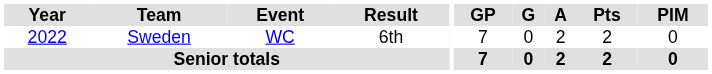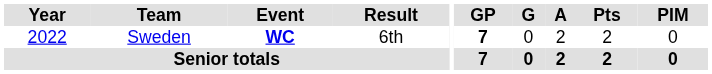 <table border="0" cellpadding="1" cellspacing="0" ID="Table3" style="text-align:center; width:40em;">
 <tr bgcolor="#e0e0e0">
 <th>Year</th>
 <th>Team</th>
 <th>Event</th>
 <th>Result</th>
 <th rowspan="99" bgcolor="#ffffff"></th>
 <th>GP</th>
 <th>G</th>
 <th>A</th>
 <th>Pts</th>
 <th>PIM</th>
 </tr>
 <tr>
 <td><a href='#'>2022</a></td>
 <td><a href='#'>Sweden</a></td>
-<td><a href='#'>WC</a></td>
+<td><strong><a href='#'>WC</a></strong></td>
 <td>6th</td>
-<td>7</td>
+<td><strong>7</strong></td>
 <td>0</td>
 <td>2</td>
 <td>2</td>
 <td>0</td>
 </tr>
 <tr bgcolor="#e0e0e0">
 <th colspan="4">Senior totals</th>
 <th>7</th>
 <th>0</th>
 <th>2</th>
 <th>2</th>
 <th>0</th>
 </tr>
 </table>
